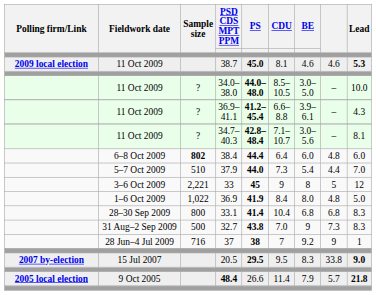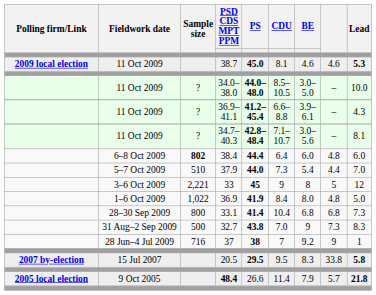 <table class="wikitable collapsible sortable" style="text-align:center; font-size:95%; line-height:16px;">
 <tr style="height:42px;">
 <th style="width:145px;" rowspan="2">Polling firm/Link</th>
 <th style="width:125px;" rowspan="2">Fieldwork date</th>
 <th class="unsortable" style="width:50px;" rowspan="2">Sample size</th>
 <th class="unsortable" style="width:35px;"><a href='#'>PSD</a><br><a href='#'>CDS</a><br><a href='#'>MPT</a><br><a href='#'>PPM</a></th>
 <th class="unsortable" style="width:36px;"><a href='#'>PS</a></th>
 <th class="unsortable" style="width:35px;"><a href='#'>CDU</a></th>
 <th class="unsortable" style="width:35px;"><a href='#'>BE</a></th>
 <th class="unsortable" style="width:35px;" rowspan="2"></th>
 <th class="unsortable" style="width:30px;" rowspan="2">Lead</th>
 </tr>
 <tr>
 <th class="unsortable" style="color:inherit;background:"></th>
 <th class="unsortable" style="color:inherit;background:"></th>
 <th class="unsortable" style="color:inherit;background:"></th>
 <th class="unsortable" style="color:inherit;background:"></th>
 </tr>
 <tr>
 <td colspan="12" style="background:#A0A0A0"></td>
 </tr>
 <tr style="background:#EFEFEF;">
 <td><strong><a href='#'>2009 local election</a></strong></td>
 <td data-sort-value="2019-10-06">11 Oct 2009</td>
 <td></td>
 <td>38.7<br></td>
 <td align="center" ><strong>45.0</strong></td>
 <td>8.1<br></td>
 <td>4.6<br></td>
 <td>4.6<br></td>
 <td style="background:"><strong>5.3</strong></td>
 </tr>
 <tr>
 <td colspan="12" style="background:#A0A0A0"></td>
 </tr>
 <tr>
 </tr>
 <tr style="background:#EAFFEA"|>
 <td></td>
 <td data-sort-value="2019-10-06">11 Oct 2009</td>
 <td>?</td>
 <td>34.0–<br>38.0<br></td>
 <td><strong>44.0–<br>48.0</strong><br></td>
 <td>8.5–<br>10.5<br></td>
 <td>3.0–<br>5.0<br></td>
 <td>–</td>
 <td style="background:">10.0</td>
 </tr>
 <tr>
 </tr>
 <tr style="background:#EAFFEA"|>
 <td></td>
 <td data-sort-value="2019-10-06">11 Oct 2009</td>
 <td>?</td>
 <td>36.9–<br>41.1</td>
 <td><strong>41.2–<br>45.4</strong></td>
 <td>6.6–<br>8.8</td>
 <td>3.9–<br>6.1</td>
 <td>–</td>
 <td style="background:">4.3</td>
 </tr>
 <tr>
 </tr>
 <tr style="background:#EAFFEA"|>
 <td></td>
 <td data-sort-value="2019-10-06">11 Oct 2009</td>
 <td>?</td>
 <td>34.7–<br>40.3</td>
 <td><strong>42.8–<br>48.4</strong></td>
 <td>7.1–<br>10.7</td>
 <td>3.0–<br>5.6</td>
 <td>–</td>
 <td style="background:">8.1</td>
 </tr>
 <tr>
 <td align="center"></td>
 <td align="center">6–8 Oct 2009</td>
 <td><strong>802</strong></td>
 <td align="center">38.4</td>
 <td align="center" ><strong>44.4</strong></td>
 <td align="center">6.4</td>
 <td align="center">6.0</td>
 <td align="center">4.8</td>
 <td style="background:">6.0</td>
 </tr>
 <tr>
 <td align="center"></td>
 <td align="center">5–7 Oct 2009</td>
 <td>510</td>
 <td align="center">37.9</td>
 <td><strong>44.0</strong><br></td>
 <td align="center">7.3</td>
 <td align="center">5.4</td>
 <td align="center">4.4</td>
 <td style="background:">7.0</td>
 </tr>
 <tr>
 <td align="center"></td>
 <td align="center">3–6 Oct 2009</td>
 <td>2,221</td>
 <td align="center">33</td>
 <td align="center" ><strong>45</strong></td>
 <td align="center">9</td>
 <td align="center">8</td>
 <td align="center">5</td>
 <td style="background:">12</td>
 </tr>
 <tr>
 <td align="center"></td>
 <td align="center">1–6 Oct 2009</td>
 <td>1,022</td>
 <td align="center">36.9</td>
 <td align="center" ><strong>41.9</strong></td>
 <td align="center">8.4</td>
 <td align="center">8.0</td>
 <td align="center">4.8</td>
 <td style="background:">5.0</td>
 </tr>
 <tr>
 <td align="center"></td>
 <td align="center">28–30 Sep 2009</td>
 <td>800</td>
 <td align="center">33.1</td>
 <td align="center" ><strong>41.4</strong></td>
 <td align="center">10.4</td>
 <td>6.8<br></td>
 <td align="center">6.8</td>
-<td style="background:">8.3</td>
+<td style="background:">7.3</td>
 </tr>
 <tr>
 <td align="center"></td>
 <td align="center">31 Aug–2 Sep 2009</td>
 <td>500</td>
 <td align="center">32.7</td>
 <td align="center" ><strong>43.8</strong></td>
 <td align="center">7.0</td>
 <td align="center">9</td>
 <td align="center">7.3</td>
 <td style="background:">8.3</td>
 </tr>
 <tr>
 <td align="center"></td>
 <td align="center">28 Jun–4 Jul 2009</td>
 <td>716</td>
 <td align="center">37</td>
 <td align="center" ><strong>38</strong></td>
 <td align="center">7</td>
 <td align="center">9.2</td>
 <td align="center">9</td>
 <td style="background:">1</td>
 </tr>
 <tr>
 <td colspan="11" style="background:#A0A0A0"></td>
 </tr>
 <tr style="background:#EFEFEF;">
 <td><strong><a href='#'>2007 by-election</a></strong></td>
 <td data-sort-value="2019-10-06">15 Jul 2007</td>
 <td></td>
 <td>20.5<br></td>
 <td><strong>29.5</strong><br></td>
 <td>9.5<br></td>
 <td align="center">8.3</td>
 <td>33.8<br></td>
-<td style="background:"><strong>9.0</strong></td>
+<td style="background:"><strong>5.8</strong></td>
 </tr>
 <tr>
 <td colspan="11" style="background:#A0A0A0"></td>
 </tr>
 <tr style="background:#EFEFEF;">
 <td><strong><a href='#'>2005 local election</a></strong></td>
 <td data-sort-value="2019-10-06">9 Oct 2005</td>
 <td></td>
 <td><strong>48.4</strong><br></td>
 <td>26.6<br></td>
 <td>11.4<br></td>
 <td>7.9<br></td>
 <td>5.7<br></td>
 <td style="background:"><strong>21.8</strong></td>
 </tr>
 <tr>
 <td colspan="11" style="background:#A0A0A0"></td>
 </tr>
 </table>
